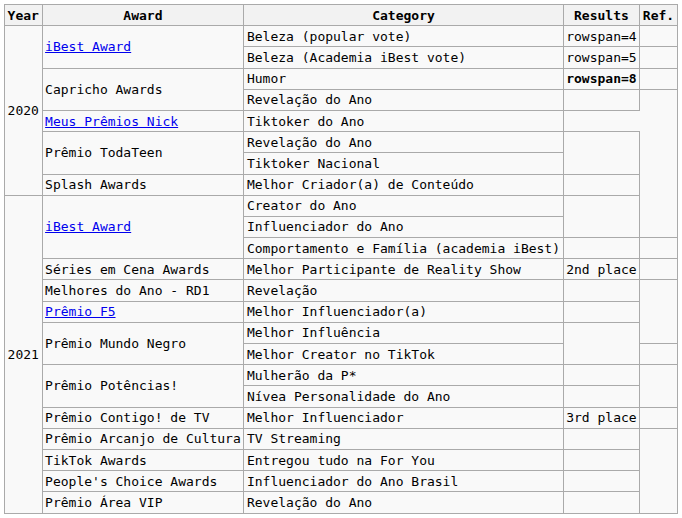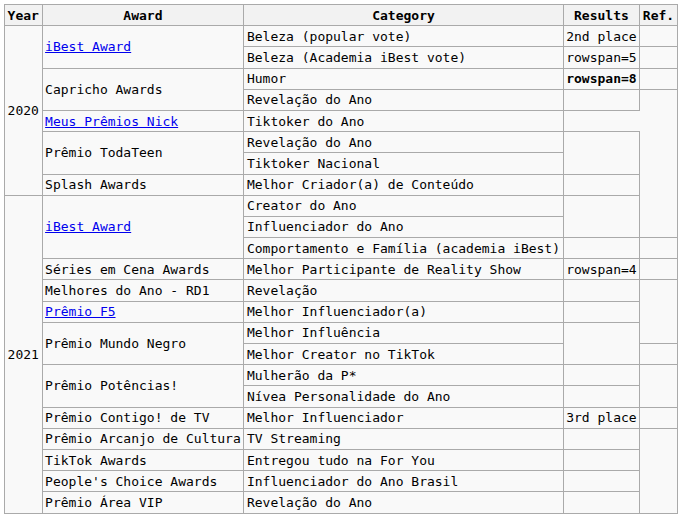 <table class="wikitable">
 <tr>
 <th>Year</th>
 <th>Award</th>
 <th>Category</th>
 <th>Results</th>
 <th>Ref.</th>
 </tr>
 <tr>
 <td rowspan="8">2020</td>
 <td rowspan="2"><a href='#'>iBest Award</a></td>
 <td>Beleza (popular vote)</td>
-<td>rowspan=4 </td>
+<td>2nd place</td>
 <td></td>
 </tr>
 <tr>
 <td>Beleza (Academia iBest vote)</td>
 <td>rowspan=5 </td>
 <td></td>
 </tr>
 <tr>
 <td rowspan="2">Capricho Awards</td>
 <td>Humor</td>
 <td><strong>rowspan=8 </strong></td>
 <td></td>
 </tr>
 <tr>
 <td>Revelação do Ano</td>
 <td></td>
 </tr>
 <tr>
 <td><a href='#'>Meus Prêmios Nick</a></td>
 <td>Tiktoker do Ano</td>
 </tr>
 <tr>
 <td rowspan="2">Prêmio TodaTeen</td>
 <td>Revelação do Ano</td>
 <td rowspan="2"></td>
 </tr>
 <tr>
 <td>Tiktoker Nacional</td>
 </tr>
 <tr>
 <td>Splash Awards</td>
 <td>Melhor Criador(a) de Conteúdo</td>
 <td></td>
 </tr>
 <tr>
 <td rowspan="16">2021</td>
 <td rowspan="3"><a href='#'>iBest Award</a></td>
 <td>Creator do Ano</td>
 <td rowspan="2"></td>
 </tr>
 <tr>
 <td>Influenciador do Ano</td>
 </tr>
 <tr>
 <td>Comportamento e Família (academia iBest)</td>
 <td></td>
 <td></td>
 </tr>
 <tr>
 <td>Séries em Cena Awards</td>
 <td>Melhor Participante de Reality Show</td>
-<td>2nd place</td>
+<td>rowspan=4 </td>
 <td></td>
 </tr>
 <tr>
 <td>Melhores do Ano - RD1</td>
 <td>Revelação</td>
 <td></td>
 </tr>
 <tr>
 <td><a href='#'>Prêmio F5</a></td>
 <td>Melhor Influenciador(a)</td>
 <td></td>
 </tr>
 <tr>
 <td rowspan="2">Prêmio Mundo Negro</td>
 <td>Melhor Influência</td>
 <td rowspan="2"></td>
 </tr>
 <tr>
 <td>Melhor Creator no TikTok</td>
 <td></td>
 </tr>
 <tr>
 <td rowspan="2">Prêmio Potências!</td>
 <td>Mulherão da P*</td>
 <td></td>
 <td rowspan="2"></td>
 </tr>
 <tr>
 <td>Nívea Personalidade do Ano</td>
 <td></td>
 </tr>
 <tr>
 <td>Prêmio Contigo! de TV</td>
 <td>Melhor Influenciador</td>
 <td>3rd place</td>
 <td></td>
 </tr>
 <tr>
 <td>Prêmio Arcanjo de Cultura</td>
 <td>TV Streaming</td>
 <td></td>
 </tr>
 <tr>
 <td>TikTok Awards</td>
 <td>Entregou tudo na For You</td>
 <td></td>
 </tr>
 <tr>
 <td>People's Choice Awards</td>
 <td>Influenciador do Ano Brasil</td>
 <td></td>
 </tr>
 <tr>
 <td>Prêmio Área VIP</td>
 <td>Revelação do Ano</td>
 <td></td>
 </tr>
 </table>
